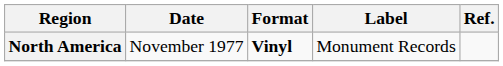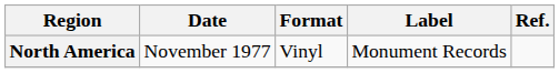 <table class="wikitable plainrowheaders">
 <tr>
 <th scope="col">Region</th>
 <th scope="col">Date</th>
 <th scope="col">Format</th>
 <th scope="col">Label</th>
 <th scope="col">Ref.</th>
 </tr>
 <tr>
 <th scope="row">North America</th>
 <td>November 1977</td>
-<td><strong>Vinyl</strong></td>
+<td>Vinyl</td>
 <td>Monument Records</td>
 <td></td>
 </tr>
 <tr>
 </tr>
 </table>
